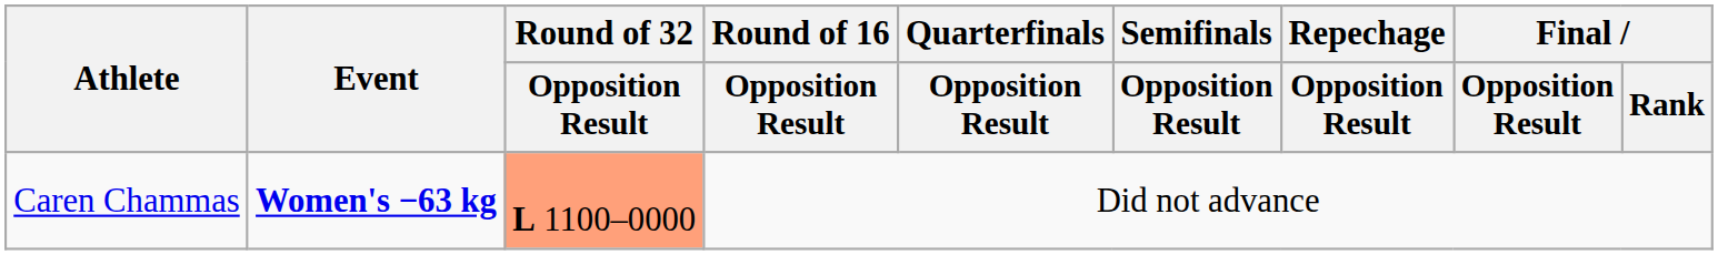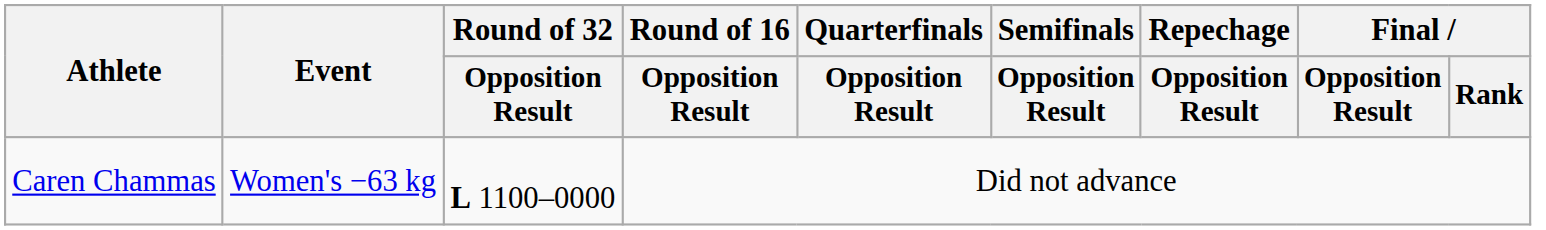 <table class="wikitable" style="font-size:90%;">
 <tr>
 <th rowspan=2>Athlete</th>
 <th rowspan=2>Event</th>
 <th>Round of 32</th>
 <th>Round of 16</th>
 <th>Quarterfinals</th>
 <th>Semifinals</th>
 <th>Repechage</th>
 <th colspan=2>Final / </th>
 </tr>
 <tr style="font-size:95%">
 <th>Opposition<br>Result</th>
 <th>Opposition<br>Result</th>
 <th>Opposition<br>Result</th>
 <th>Opposition<br>Result</th>
 <th>Opposition<br>Result</th>
 <th>Opposition<br>Result</th>
 <th>Rank</th>
 </tr>
 <tr align=center>
 <td align=left><a href='#'>Caren Chammas</a></td>
-<td align=left><strong><a href='#'>Women's −63 kg</a></strong></td>
-<td style="background: lightsalmon;"><br><strong>L</strong> 1100–0000</td>
+<td align=left><a href='#'>Women's −63 kg</a></td>
+<td><br><strong>L</strong> 1100–0000</td>
 <td colspan=6>Did not advance</td>
 </tr>
 </table>
